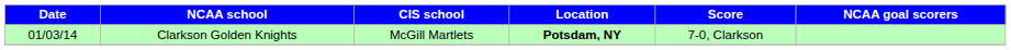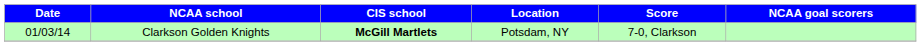 <table class="wikitable" style="width:80%;">
 <tr style="text-align:center; background:blue; color:#fff;">
 <td><strong>Date</strong></td>
 <td><strong>NCAA school</strong></td>
 <td><strong>CIS school</strong></td>
 <td><strong>Location</strong></td>
 <td><strong>Score</strong></td>
 <td><strong>NCAA goal scorers</strong></td>
 </tr>
 <tr style="text-align:center; background:#bfb;">
 <td>01/03/14</td>
 <td>Clarkson Golden Knights</td>
-<td>McGill Martlets</td>
-<td><strong>Potsdam, NY</strong></td>
+<td><strong>McGill Martlets</strong></td>
+<td>Potsdam, NY</td>
 <td>7-0, Clarkson</td>
 <td></td>
 </tr>
 <tr style="text-align:center; background:#bfb;">
 </tr>
 </table>
